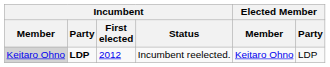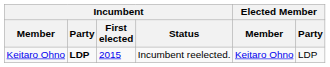 <table class="wikitable sortable">
 <tr>
 <th colspan=4>Incumbent</th>
 <th colspan=2>Elected Member</th>
 </tr>
 <tr>
 <th>Member</th>
 <th>Party</th>
 <th>First<br>elected</th>
 <th>Status</th>
 <th>Member</th>
 <th>Party</th>
 </tr>
 <tr>
-<td style="background: lightgrey;"><a href='#'>Keitaro Ohno</a></td>
+<td><a href='#'>Keitaro Ohno</a></td>
 <td><strong>LDP</strong></td>
-<td><a href='#'>2012</a></td>
+<td><a href='#'>2015</a></td>
 <td>Incumbent reelected.</td>
 <td><a href='#'>Keitaro Ohno</a></td>
 <td>LDP</td>
 </tr>
 </table>
